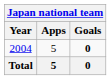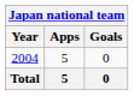 <table class="wikitable" style="text-align:center">
 <tr>
 <th colspan=3><a href='#'>Japan national team</a></th>
 </tr>
 <tr>
 <th>Year</th>
 <th>Apps</th>
 <th>Goals</th>
 </tr>
 <tr>
 <td><a href='#'>2004</a></td>
 <td>5</td>
-<td><strong>0</strong></td>
+<td>0</td>
 </tr>
 <tr>
 <th>Total</th>
 <th>5</th>
 <th>0</th>
 </tr>
 </table>
